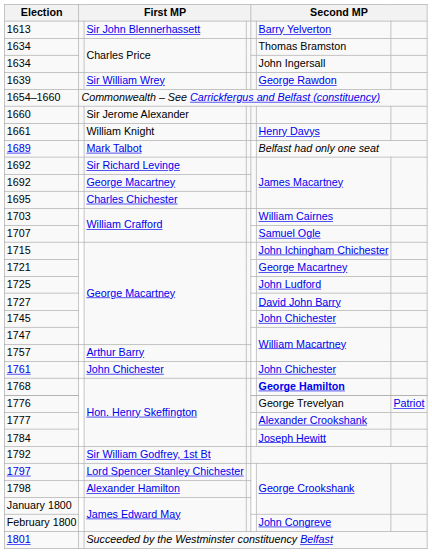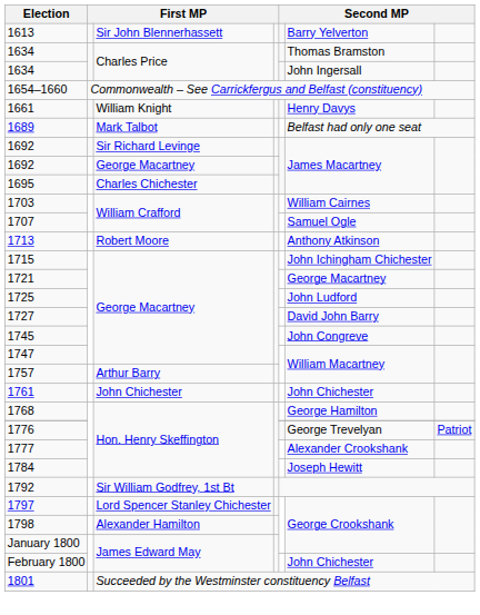 <table class="wikitable">
 <tr>
 <th>Election</th>
 <th colspan=3>First MP</th>
 <th colspan=3>Second MP</th>
 </tr>
 <tr>
 <td>1613</td>
 <td></td>
 <td><a href='#'>Sir John Blennerhassett</a></td>
 <td></td>
 <td></td>
 <td><a href='#'>Barry Yelverton</a></td>
 <td></td>
 </tr>
 <tr>
 <td>1634</td>
 <td rowspan=2></td>
 <td rowspan=2>Charles Price</td>
 <td rowspan=2></td>
 <td></td>
 <td>Thomas Bramston</td>
 <td></td>
 </tr>
 <tr>
 <td>1634</td>
 <td></td>
 <td>John Ingersall</td>
 <td></td>
 </tr>
 <tr>
-<td>1639</td>
-<td></td>
-<td><a href='#'>Sir William Wrey</a></td>
-<td></td>
-<td></td>
-<td><a href='#'>George Rawdon</a></td>
-<td></td>
-</tr>
-<tr>
 <td>1654–1660</td>
 <td colspan=6><em>Commonwealth</em> – <em>See <a href='#'>Carrickfergus and Belfast (constituency)</a></em></td>
-</tr>
-<tr>
-<td>1660</td>
-<td></td>
-<td>Sir Jerome Alexander</td>
-<td></td>
-<td></td>
-<td></td>
-<td></td>
 </tr>
 <tr>
 <td>1661</td>
 <td></td>
 <td>William Knight</td>
 <td></td>
 <td></td>
 <td><a href='#'>Henry Davys</a></td>
 <td></td>
 </tr>
 <tr>
 <td><a href='#'>1689</a></td>
 <td style="background-color: white"></td>
 <td><a href='#'>Mark Talbot</a></td>
 <td></td>
 <td style="background-color: white"></td>
 <td colspan="2"><em>Belfast had only one seat</em></td>
 </tr>
 <tr>
 <td>1692</td>
 <td></td>
 <td><a href='#'>Sir Richard Levinge</a></td>
 <td></td>
 <td rowspan=3></td>
 <td rowspan=3><a href='#'>James Macartney</a></td>
 <td rowspan=3></td>
 </tr>
 <tr>
 <td>1692</td>
 <td style="background-color: white"></td>
 <td><a href='#'>George Macartney</a></td>
 <td></td>
 </tr>
 <tr>
 <td>1695</td>
 <td style="background-color: white"></td>
 <td><a href='#'>Charles Chichester</a></td>
 <td></td>
 </tr>
 <tr>
 <td>1703</td>
 <td rowspan="2" style="background-color: white"></td>
 <td rowspan="2"><a href='#'>William Crafford</a></td>
 <td rowspan="2"></td>
 <td style="background-color: white"></td>
 <td><a href='#'>William Cairnes</a></td>
 <td></td>
 </tr>
 <tr>
 <td>1707</td>
 <td style="background-color: white"></td>
 <td><a href='#'>Samuel Ogle</a></td>
 <td></td>
 </tr>
 <tr>
+<td><a href='#'>1713</a></td>
+<td style="background-color: white"></td>
+<td><a href='#'>Robert Moore</a></td>
+<td></td>
+<td style="background-color: white"></td>
+<td><a href='#'>Anthony Atkinson</a></td>
+<td></td>
+</tr>
+<tr>
 <td>1715</td>
 <td rowspan="6" style="background-color: white"></td>
 <td rowspan="6"><a href='#'>George Macartney</a></td>
 <td rowspan="6"></td>
 <td style="background-color: white"></td>
 <td><a href='#'>John Ichingham Chichester</a></td>
 <td></td>
 </tr>
 <tr>
 <td>1721</td>
 <td style="background-color: white"></td>
 <td><a href='#'>George Macartney</a></td>
 <td></td>
 </tr>
 <tr>
 <td>1725</td>
 <td style="background-color: white"></td>
 <td><a href='#'>John Ludford</a></td>
 <td></td>
 </tr>
 <tr>
 <td>1727</td>
 <td style="background-color: white"></td>
 <td><a href='#'>David John Barry</a></td>
 <td></td>
 </tr>
 <tr>
 <td>1745</td>
 <td style="background-color: white"></td>
-<td><a href='#'>John Chichester</a></td>
+<td><a href='#'>John Congreve</a></td>
 <td></td>
 </tr>
 <tr>
 <td>1747</td>
 <td rowspan="2" style="background-color: white"></td>
 <td rowspan="2"><a href='#'>William Macartney</a></td>
 <td rowspan="2"></td>
 </tr>
 <tr>
 <td>1757</td>
 <td style="background-color: white"></td>
 <td><a href='#'>Arthur Barry</a></td>
 <td></td>
 </tr>
 <tr>
 <td><a href='#'>1761</a></td>
 <td style="background-color: white"></td>
 <td><a href='#'>John Chichester</a></td>
 <td></td>
 <td style="background-color: white"></td>
 <td><a href='#'>John Chichester</a></td>
 <td></td>
 </tr>
 <tr>
 <td>1768</td>
 <td rowspan="5" style="background-color: white"></td>
 <td rowspan="5"><a href='#'>Hon. Henry Skeffington</a></td>
 <td rowspan="5"></td>
 <td style="background-color: white"></td>
-<td><strong><a href='#'>George Hamilton</a></strong></td>
+<td><a href='#'>George Hamilton</a></td>
 <td></td>
 </tr>
 <tr>
 </tr>
 <tr>
 <td>1776</td>
 <td style="background-color: "></td>
 <td>George Trevelyan</td>
 <td><a href='#'>Patriot</a></td>
 </tr>
 <tr>
 <td>1777</td>
 <td style="background-color: white"></td>
 <td><a href='#'>Alexander Crookshank</a></td>
 <td></td>
 </tr>
 <tr>
 <td>1784</td>
 <td style="background-color: white"></td>
 <td><a href='#'>Joseph Hewitt</a></td>
 <td></td>
 </tr>
 <tr>
 <td>1792</td>
 <td style="background-color: white"></td>
 <td><a href='#'>Sir William Godfrey, 1st Bt</a></td>
 <td></td>
 </tr>
 <tr>
 <td><a href='#'>1797</a></td>
 <td style="background-color: white"></td>
 <td><a href='#'>Lord Spencer Stanley Chichester</a></td>
 <td></td>
 <td rowspan="3" style="background-color: white"></td>
 <td rowspan="3"><a href='#'>George Crookshank</a></td>
 <td rowspan="3"></td>
 </tr>
 <tr>
 <td>1798</td>
 <td style="background-color: white"></td>
 <td><a href='#'>Alexander Hamilton</a></td>
 <td></td>
 </tr>
 <tr>
 <td>January 1800</td>
 <td rowspan="2" style="background-color: white"></td>
 <td rowspan="2"><a href='#'>James Edward May</a></td>
 <td rowspan="2"></td>
 </tr>
 <tr>
 <td>February 1800</td>
 <td style="background-color: white"></td>
-<td><a href='#'>John Congreve</a></td>
+<td><a href='#'>John Chichester</a></td>
 <td></td>
 </tr>
 <tr>
 <td><a href='#'>1801</a></td>
 <td></td>
 <td colspan="5"><em>Succeeded by the Westminster constituency <a href='#'>Belfast</a></em></td>
 </tr>
 </table>
